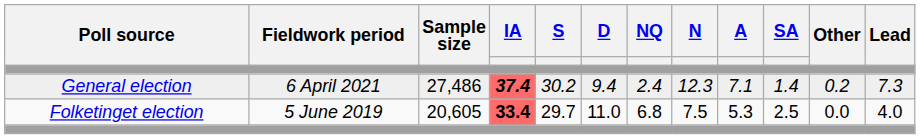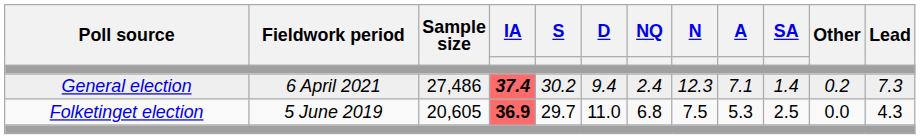 <table class="wikitable sortable" style="text-align:center;font-size:90%;line-height:14px;">
 <tr style="height:42px;">
 <th style="width:190px;" rowspan="2">Poll source</th>
 <th style="width:130px;" rowspan="2">Fieldwork period</th>
 <th style="width:50px;" rowspan="2">Sample size</th>
 <th style="width:30px;"><a href='#'>IA</a></th>
 <th style="width:30px;"><a href='#'>S</a></th>
 <th style="width:30px;"><a href='#'>D</a></th>
 <th style="width:30px;"><a href='#'>NQ</a></th>
 <th style="width:30px;"><a href='#'>N</a></th>
 <th style="width:30px;"><a href='#'>A</a></th>
 <th style="width:30px;"><a href='#'>SA</a></th>
 <th style="width:30px;" rowspan="2">Other</th>
 <th style="width:30px;" rowspan="2">Lead</th>
 </tr>
 <tr>
 <th style="color:inherit;background:"></th>
 <th style="color:inherit;background:"></th>
 <th style="color:inherit;background:"></th>
 <th style="color:inherit;background:"></th>
 <th style="color:inherit;background:"></th>
 <th style="color:inherit;background:"></th>
 <th style="color:inherit;background:"></th>
 </tr>
 <tr>
 <td colspan="15" style="background:#A0A0A0"></td>
 </tr>
 <tr style="background:#EFEFEF;">
 <td><em><a href='#'>General election</a></em></td>
 <td><em>6 April 2021</em></td>
 <td>27,486</td>
 <td align="center" style="background:#FF6A6A"><strong><em>37.4</em></strong></td>
 <td><em>30.2</em></td>
 <td><em>9.4</em></td>
 <td><em>2.4</em></td>
 <td><em>12.3</em></td>
 <td><em>7.1</em></td>
 <td><em>1.4</em></td>
 <td><em>0.2</em></td>
 <td style="background:"><em>7.3</em></td>
 </tr>
 <tr>
 <td><em><a href='#'>Folketinget election</a></em></td>
 <td><em>5 June 2019</em></td>
 <td>20,605</td>
-<td align="center" style="background:#FF6A6A"><strong>33.4</strong></td>
+<td align="center" style="background:#FF6A6A"><strong>36.9</strong></td>
 <td>29.7</td>
 <td>11.0</td>
 <td>6.8</td>
 <td>7.5</td>
 <td>5.3</td>
 <td>2.5</td>
 <td>0.0</td>
-<td style="background:">4.0</td>
+<td style="background:">4.3</td>
 </tr>
 <tr>
 <td colspan="15" style="background:#A0A0A0"></td>
 </tr>
 </table>
